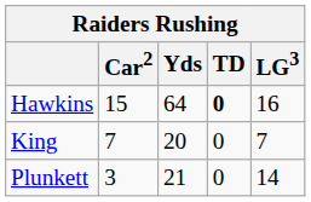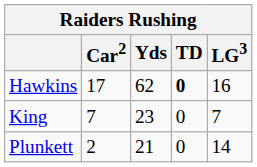 <table class="wikitable">
 <tr>
 <th colspan="5">Raiders Rushing</th>
 </tr>
 <tr>
 <th></th>
 <th>Car<sup>2</sup></th>
 <th>Yds</th>
 <th>TD</th>
 <th>LG<sup>3</sup></th>
 </tr>
 <tr>
 <td><a href='#'>Hawkins</a></td>
-<td>15</td>
-<td>64</td>
+<td>17</td>
+<td>62</td>
 <td><strong>0</strong></td>
 <td>16</td>
 </tr>
 <tr>
 <td><a href='#'>King</a></td>
 <td>7</td>
-<td>20</td>
+<td>23</td>
 <td>0</td>
 <td>7</td>
 </tr>
 <tr>
 <td><a href='#'>Plunkett</a></td>
-<td>3</td>
+<td>2</td>
 <td>21</td>
 <td>0</td>
 <td>14</td>
 </tr>
 </table>
